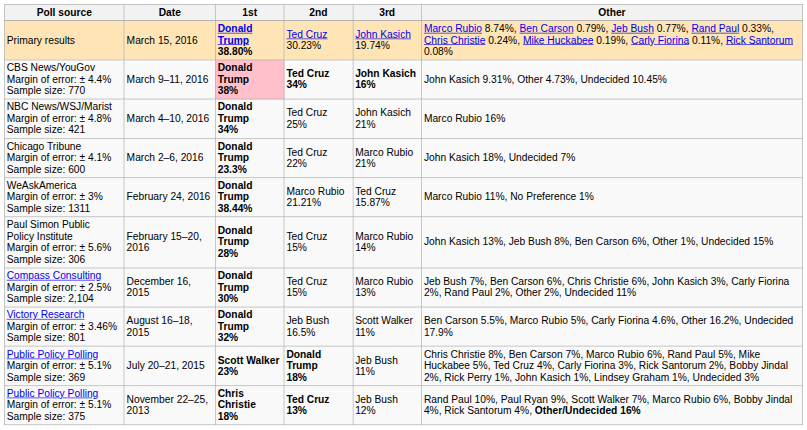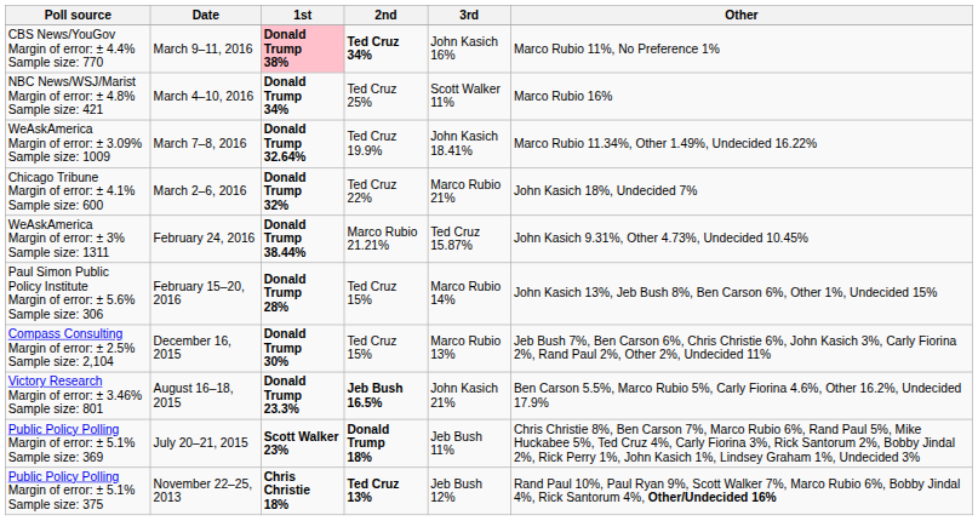 <table class="wikitable">
 <tr>
 <th style="width:180px;">Poll source</th>
 <th style="width:135px;">Date</th>
 <th style="width:100px;">1st</th>
 <th style="width:100px;">2nd</th>
 <th style="width:100px;">3rd</th>
 <th>Other</th>
 </tr>
 <tr>
 </tr>
-<tr style="background:Moccasin;">
-<td>Primary results</td>
-<td>March 15, 2016</td>
-<td><strong><a href='#'>Donald Trump</a><br>38.80%</strong></td>
-<td><a href='#'>Ted Cruz</a><br>30.23%</td>
-<td><a href='#'>John Kasich</a><br>19.74%</td>
-<td><a href='#'>Marco Rubio</a> 8.74%, <a href='#'>Ben Carson</a> 0.79%, <a href='#'>Jeb Bush</a> 0.77%, <a href='#'>Rand Paul</a> 0.33%, <a href='#'>Chris Christie</a> 0.24%, <a href='#'>Mike Huckabee</a> 0.19%, <a href='#'>Carly Fiorina</a> 0.11%, <a href='#'>Rick Santorum</a> 0.08%</td>
-</tr>
 <tr>
 <td>CBS News/YouGov<br>Margin of error: ± 4.4% Sample size: 770</td>
 <td>March 9–11, 2016</td>
 <td style="background: pink;"><strong>Donald Trump<br>38%</strong></td>
 <td><strong>Ted Cruz<br>34%</strong></td>
-<td><strong>John Kasich<br>16%</strong></td>
-<td>John Kasich 9.31%, Other 4.73%, Undecided 10.45%</td>
+<td>John Kasich<br>16%</td>
+<td>Marco Rubio 11%, No Preference 1%</td>
 </tr>
 <tr>
 <td>NBC News/WSJ/Marist<br>Margin of error: ± 4.8% Sample size: 421</td>
 <td>March 4–10, 2016</td>
 <td><strong>Donald Trump<br>34%</strong></td>
 <td>Ted Cruz<br>25%</td>
-<td>John Kasich<br>21%</td>
+<td>Scott Walker<br>11%</td>
 <td>Marco Rubio 16%</td>
+</tr>
+<tr>
+<td>WeAskAmerica<br>Margin of error: ± 3.09% <br>Sample size: 1009</td>
+<td>March 7–8, 2016</td>
+<td><strong>Donald Trump<br>32.64%</strong></td>
+<td>Ted Cruz<br>19.9%</td>
+<td>John Kasich<br>18.41%</td>
+<td>Marco Rubio 11.34%, Other 1.49%, Undecided 16.22%</td>
 </tr>
 <tr>
 <td>Chicago Tribune<br>Margin of error: ± 4.1% <br>Sample size: 600</td>
 <td>March 2–6, 2016</td>
-<td><strong>Donald Trump<br>23.3%</strong></td>
+<td><strong>Donald Trump<br>32%</strong></td>
 <td>Ted Cruz<br>22%</td>
 <td>Marco Rubio<br>21%</td>
 <td>John Kasich 18%, Undecided 7%</td>
 </tr>
 <tr>
 <td>WeAskAmerica<br>Margin of error: ± 3% <br>Sample size: 1311</td>
 <td>February 24, 2016</td>
 <td><strong>Donald Trump<br>38.44%</strong></td>
 <td>Marco Rubio<br>21.21%</td>
 <td>Ted Cruz<br>15.87%</td>
-<td>Marco Rubio 11%, No Preference 1%</td>
+<td>John Kasich 9.31%, Other 4.73%, Undecided 10.45%</td>
 </tr>
 <tr>
 <td>Paul Simon Public<br>Policy Institute<br>Margin of error: ± 5.6% <br>Sample size: 306</td>
 <td>February 15–20, 2016</td>
 <td><strong>Donald Trump<br>28%</strong></td>
 <td>Ted Cruz<br>15%</td>
 <td>Marco Rubio<br>14%</td>
 <td>John Kasich 13%, Jeb Bush 8%, Ben Carson 6%, Other 1%, Undecided 15%</td>
 </tr>
 <tr>
 <td><a href='#'>Compass Consulting</a><br>Margin of error: ± 2.5% <br>Sample size: 2,104</td>
 <td>December 16, 2015</td>
 <td><strong>Donald Trump<br>30%</strong></td>
 <td>Ted Cruz<br>15%</td>
 <td>Marco Rubio<br>13%</td>
 <td>Jeb Bush 7%, Ben Carson 6%, Chris Christie 6%, John Kasich 3%, Carly Fiorina 2%, Rand Paul 2%, Other 2%, Undecided 11%</td>
 </tr>
 <tr>
 <td><a href='#'>Victory Research</a><br>Margin of error: ± 3.46% <br>Sample size: 801</td>
 <td>August 16–18, 2015</td>
-<td><strong>Donald Trump<br>32%</strong></td>
-<td>Jeb Bush<br>16.5%</td>
-<td>Scott Walker<br>11%</td>
+<td><strong>Donald Trump<br>23.3%</strong></td>
+<td><strong>Jeb Bush<br>16.5%</strong></td>
+<td>John Kasich<br>21%</td>
 <td>Ben Carson 5.5%, Marco Rubio 5%, Carly Fiorina 4.6%, Other 16.2%, Undecided 17.9%</td>
 </tr>
 <tr>
 <td><a href='#'>Public Policy Polling</a><br>Margin of error: ± 5.1% <br>Sample size: 369</td>
 <td>July 20–21, 2015</td>
 <td><strong>Scott Walker<br>23%</strong></td>
 <td><strong>Donald Trump<br>18%</strong></td>
 <td>Jeb Bush<br>11%</td>
 <td>Chris Christie 8%, Ben Carson 7%, Marco Rubio 6%, Rand Paul 5%, Mike Huckabee 5%, Ted Cruz 4%, Carly Fiorina 3%, Rick Santorum 2%, Bobby Jindal 2%, Rick Perry 1%, John Kasich 1%, Lindsey Graham 1%, Undecided 3%</td>
 </tr>
 <tr>
 <td><a href='#'>Public Policy Polling</a><br>Margin of error: ± 5.1% <br>Sample size: 375</td>
 <td>November 22–25, 2013</td>
 <td><strong>Chris Christie<br>18%</strong></td>
 <td><strong>Ted Cruz<br>13%</strong></td>
 <td>Jeb Bush<br>12%</td>
 <td>Rand Paul 10%, Paul Ryan 9%, Scott Walker 7%, Marco Rubio 6%, Bobby Jindal 4%, Rick Santorum 4%, <span><strong>Other/Undecided 16%</strong></span></td>
 </tr>
 </table>
